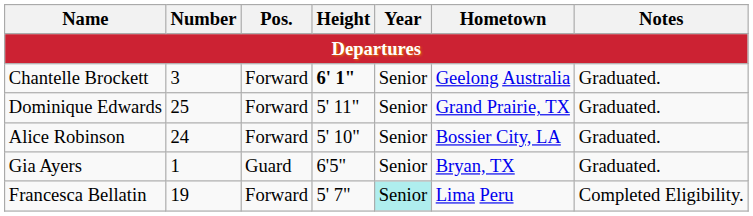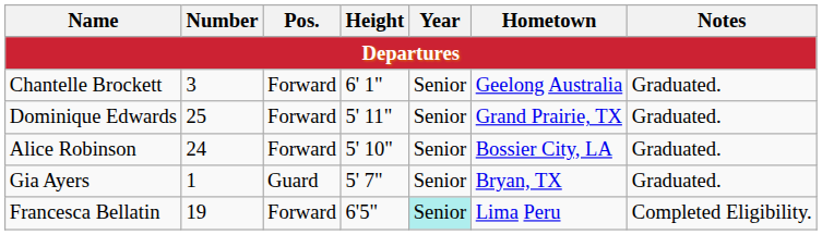 <table class="wikitable sortable" border="1">
 <tr>
 <th>Name</th>
 <th>Number</th>
 <th>Pos.</th>
 <th>Height</th>
 <th>Year</th>
 <th>Hometown</th>
 <th class="unsortable">Notes</th>
 </tr>
 <tr>
 <td align="center" Colspan="8" style="background:#CC2233; color:white; text-shadow:1px 1px 2px #DE7008"><span><strong>Departures</strong></span></td>
 </tr>
 <tr>
 <td sortname>Chantelle Brockett</td>
 <td>3</td>
 <td>Forward</td>
-<td><strong>6' 1"</strong></td>
+<td>6' 1"</td>
 <td>Senior</td>
 <td><a href='#'>Geelong</a> <a href='#'>Australia</a></td>
 <td>Graduated.</td>
 </tr>
 <tr>
 <td sortname>Dominique Edwards</td>
 <td>25</td>
 <td>Forward</td>
 <td>5' 11"</td>
 <td>Senior</td>
 <td><a href='#'>Grand Prairie, TX</a></td>
 <td>Graduated.</td>
 </tr>
 <tr>
 <td sortname>Alice Robinson</td>
 <td>24</td>
 <td>Forward</td>
 <td>5' 10"</td>
 <td>Senior</td>
 <td><a href='#'>Bossier City, LA</a></td>
 <td>Graduated.</td>
 </tr>
 <tr>
 <td sortname>Gia Ayers</td>
 <td>1</td>
 <td>Guard</td>
-<td>6'5"</td>
+<td>5' 7"</td>
 <td>Senior</td>
 <td><a href='#'>Bryan, TX</a></td>
 <td>Graduated.</td>
 </tr>
 <tr>
 <td sortname>Francesca Bellatin</td>
 <td>19</td>
 <td>Forward</td>
-<td>5' 7"</td>
+<td>6'5"</td>
 <td style="background: paleturquoise;">Senior</td>
 <td><a href='#'>Lima</a> <a href='#'>Peru</a></td>
 <td>Completed Eligibility.</td>
 </tr>
 </table>
